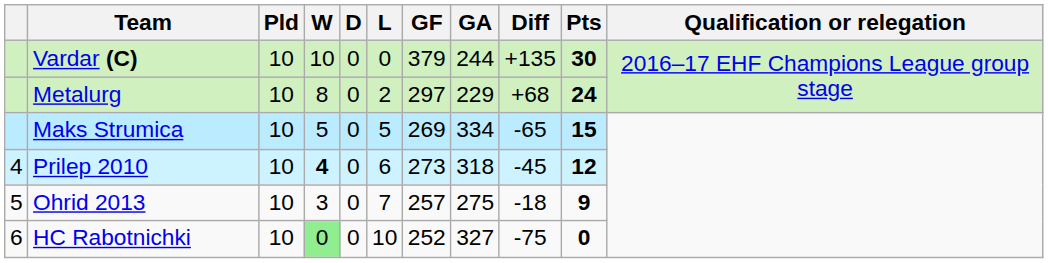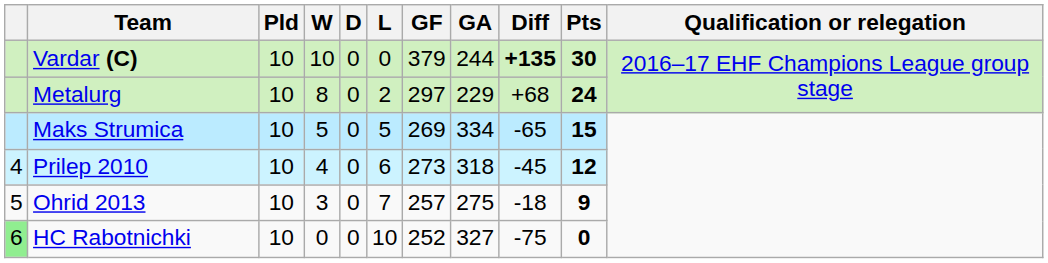 <table class="wikitable sortable" style="text-align:center">
 <tr>
 <th></th>
 <th width="155">Team</th>
 <th>Pld</th>
 <th>W</th>
 <th>D</th>
 <th>L</th>
 <th>GF</th>
 <th>GA</th>
 <th>Diff</th>
 <th>Pts</th>
 <th width="300">Qualification or relegation</th>
 </tr>
 <tr style="background: #D0F0C0;">
 <td></td>
 <td align=left><a href='#'>Vardar</a> <strong>(C)</strong></td>
 <td>10</td>
 <td>10</td>
 <td>0</td>
 <td>0</td>
 <td>379</td>
 <td>244</td>
-<td>+135</td>
+<td><strong>+135</strong></td>
 <td><strong>30</strong></td>
 <td rowspan="2"><a href='#'>2016–17 EHF Champions League group stage</a></td>
 </tr>
 <tr style="background: #D0F0C0;">
 <td></td>
 <td align=left><a href='#'>Metalurg</a></td>
 <td>10</td>
 <td>8</td>
 <td>0</td>
 <td>2</td>
 <td>297</td>
 <td>229</td>
 <td>+68</td>
 <td><strong>24</strong></td>
 </tr>
 <tr style="background: #BBEBFF;">
 <td></td>
 <td align=left><a href='#'>Maks Strumica</a></td>
 <td>10</td>
 <td>5</td>
 <td>0</td>
 <td>5</td>
 <td>269</td>
 <td>334</td>
 <td>-65</td>
 <td><strong>15</strong></td>
 </tr>
 <tr style="background: #CCF3FF;">
 <td>4</td>
 <td align=left><a href='#'>Prilep 2010</a></td>
 <td>10</td>
-<td><strong>4</strong></td>
+<td>4</td>
 <td>0</td>
 <td>6</td>
 <td>273</td>
 <td>318</td>
 <td>-45</td>
 <td><strong>12</strong></td>
 </tr>
 <tr>
 <td>5</td>
 <td align=left><a href='#'>Ohrid 2013</a></td>
 <td>10</td>
 <td>3</td>
 <td>0</td>
 <td>7</td>
 <td>257</td>
 <td>275</td>
 <td>-18</td>
 <td><strong>9</strong></td>
 </tr>
 <tr>
-<td>6</td>
+<td style="background: lightgreen;">6</td>
 <td align=left><a href='#'>HC Rabotnichki</a></td>
 <td>10</td>
-<td style="background: lightgreen;">0</td>
+<td>0</td>
 <td>0</td>
 <td>10</td>
 <td>252</td>
 <td>327</td>
 <td>-75</td>
 <td><strong>0</strong></td>
 </tr>
 </table>
